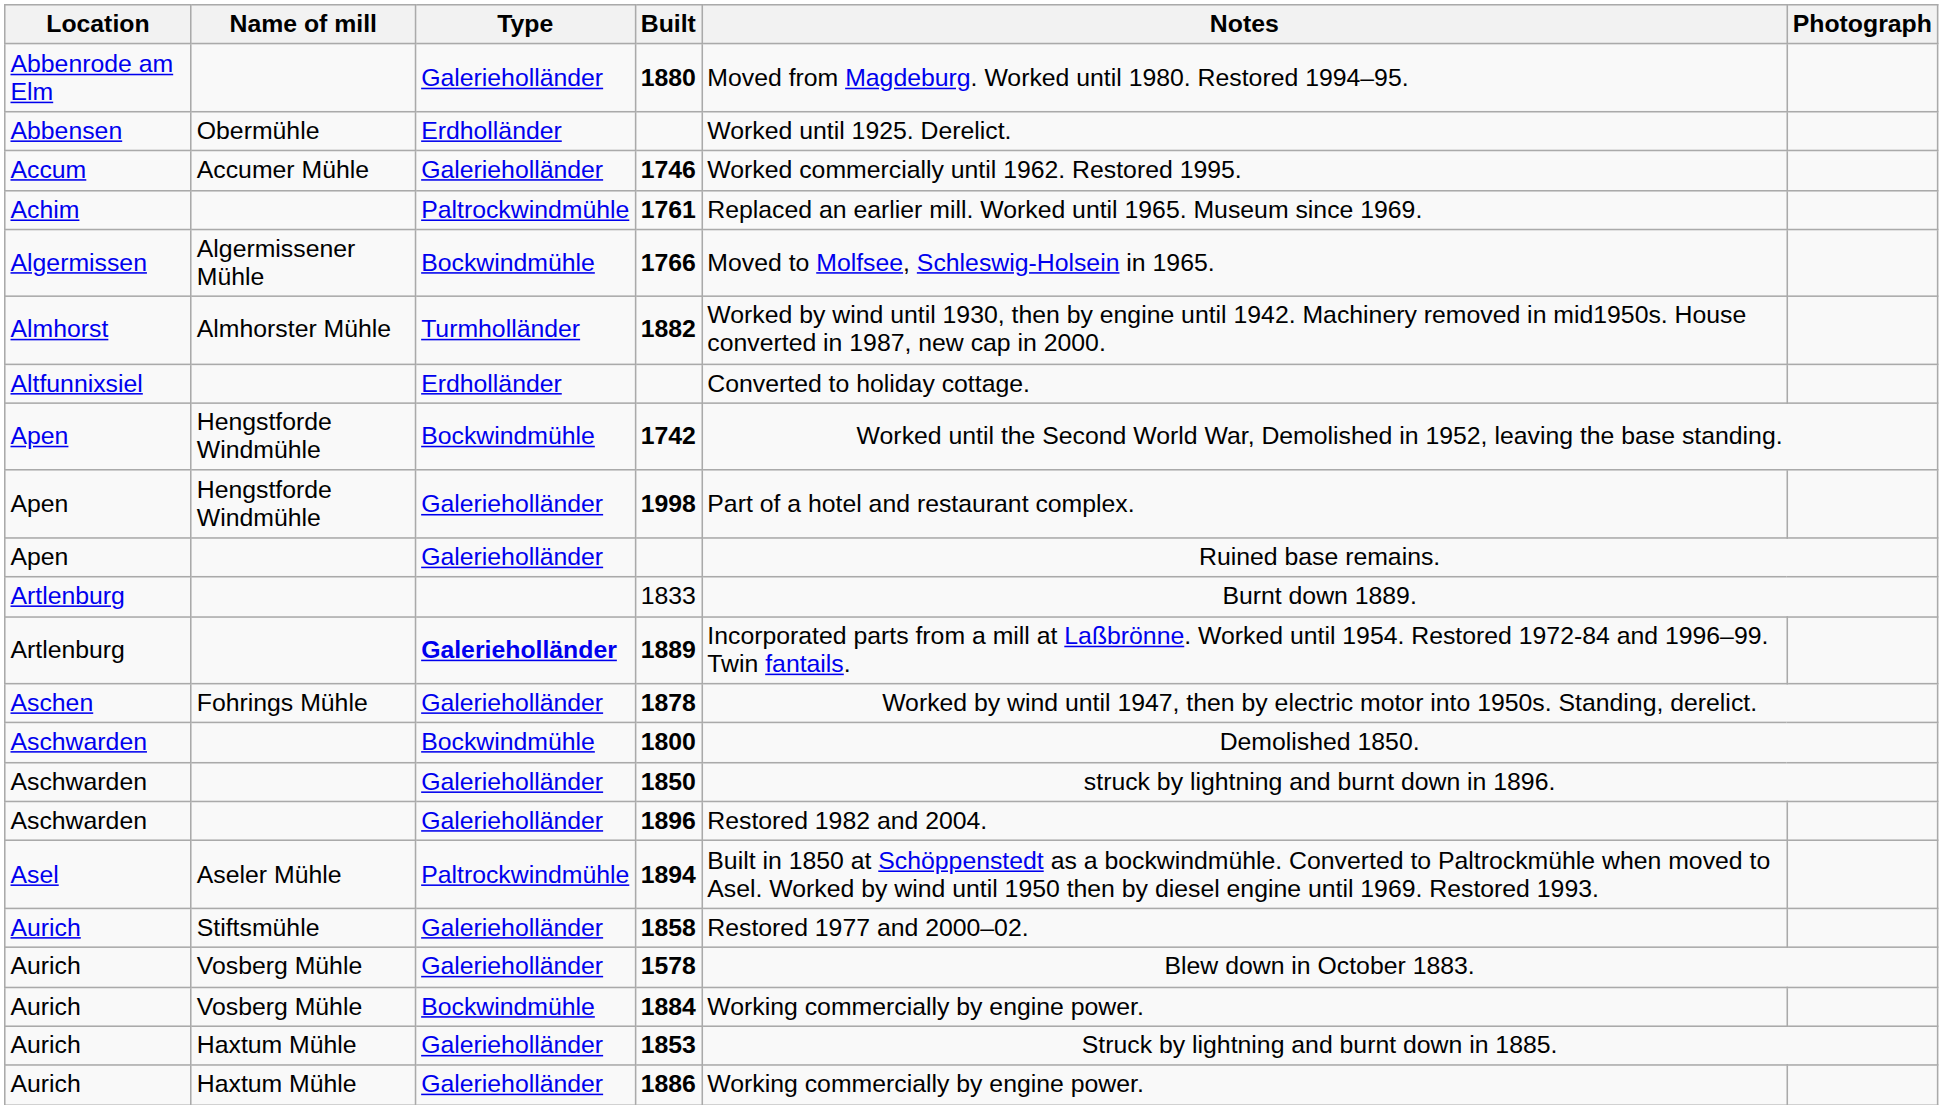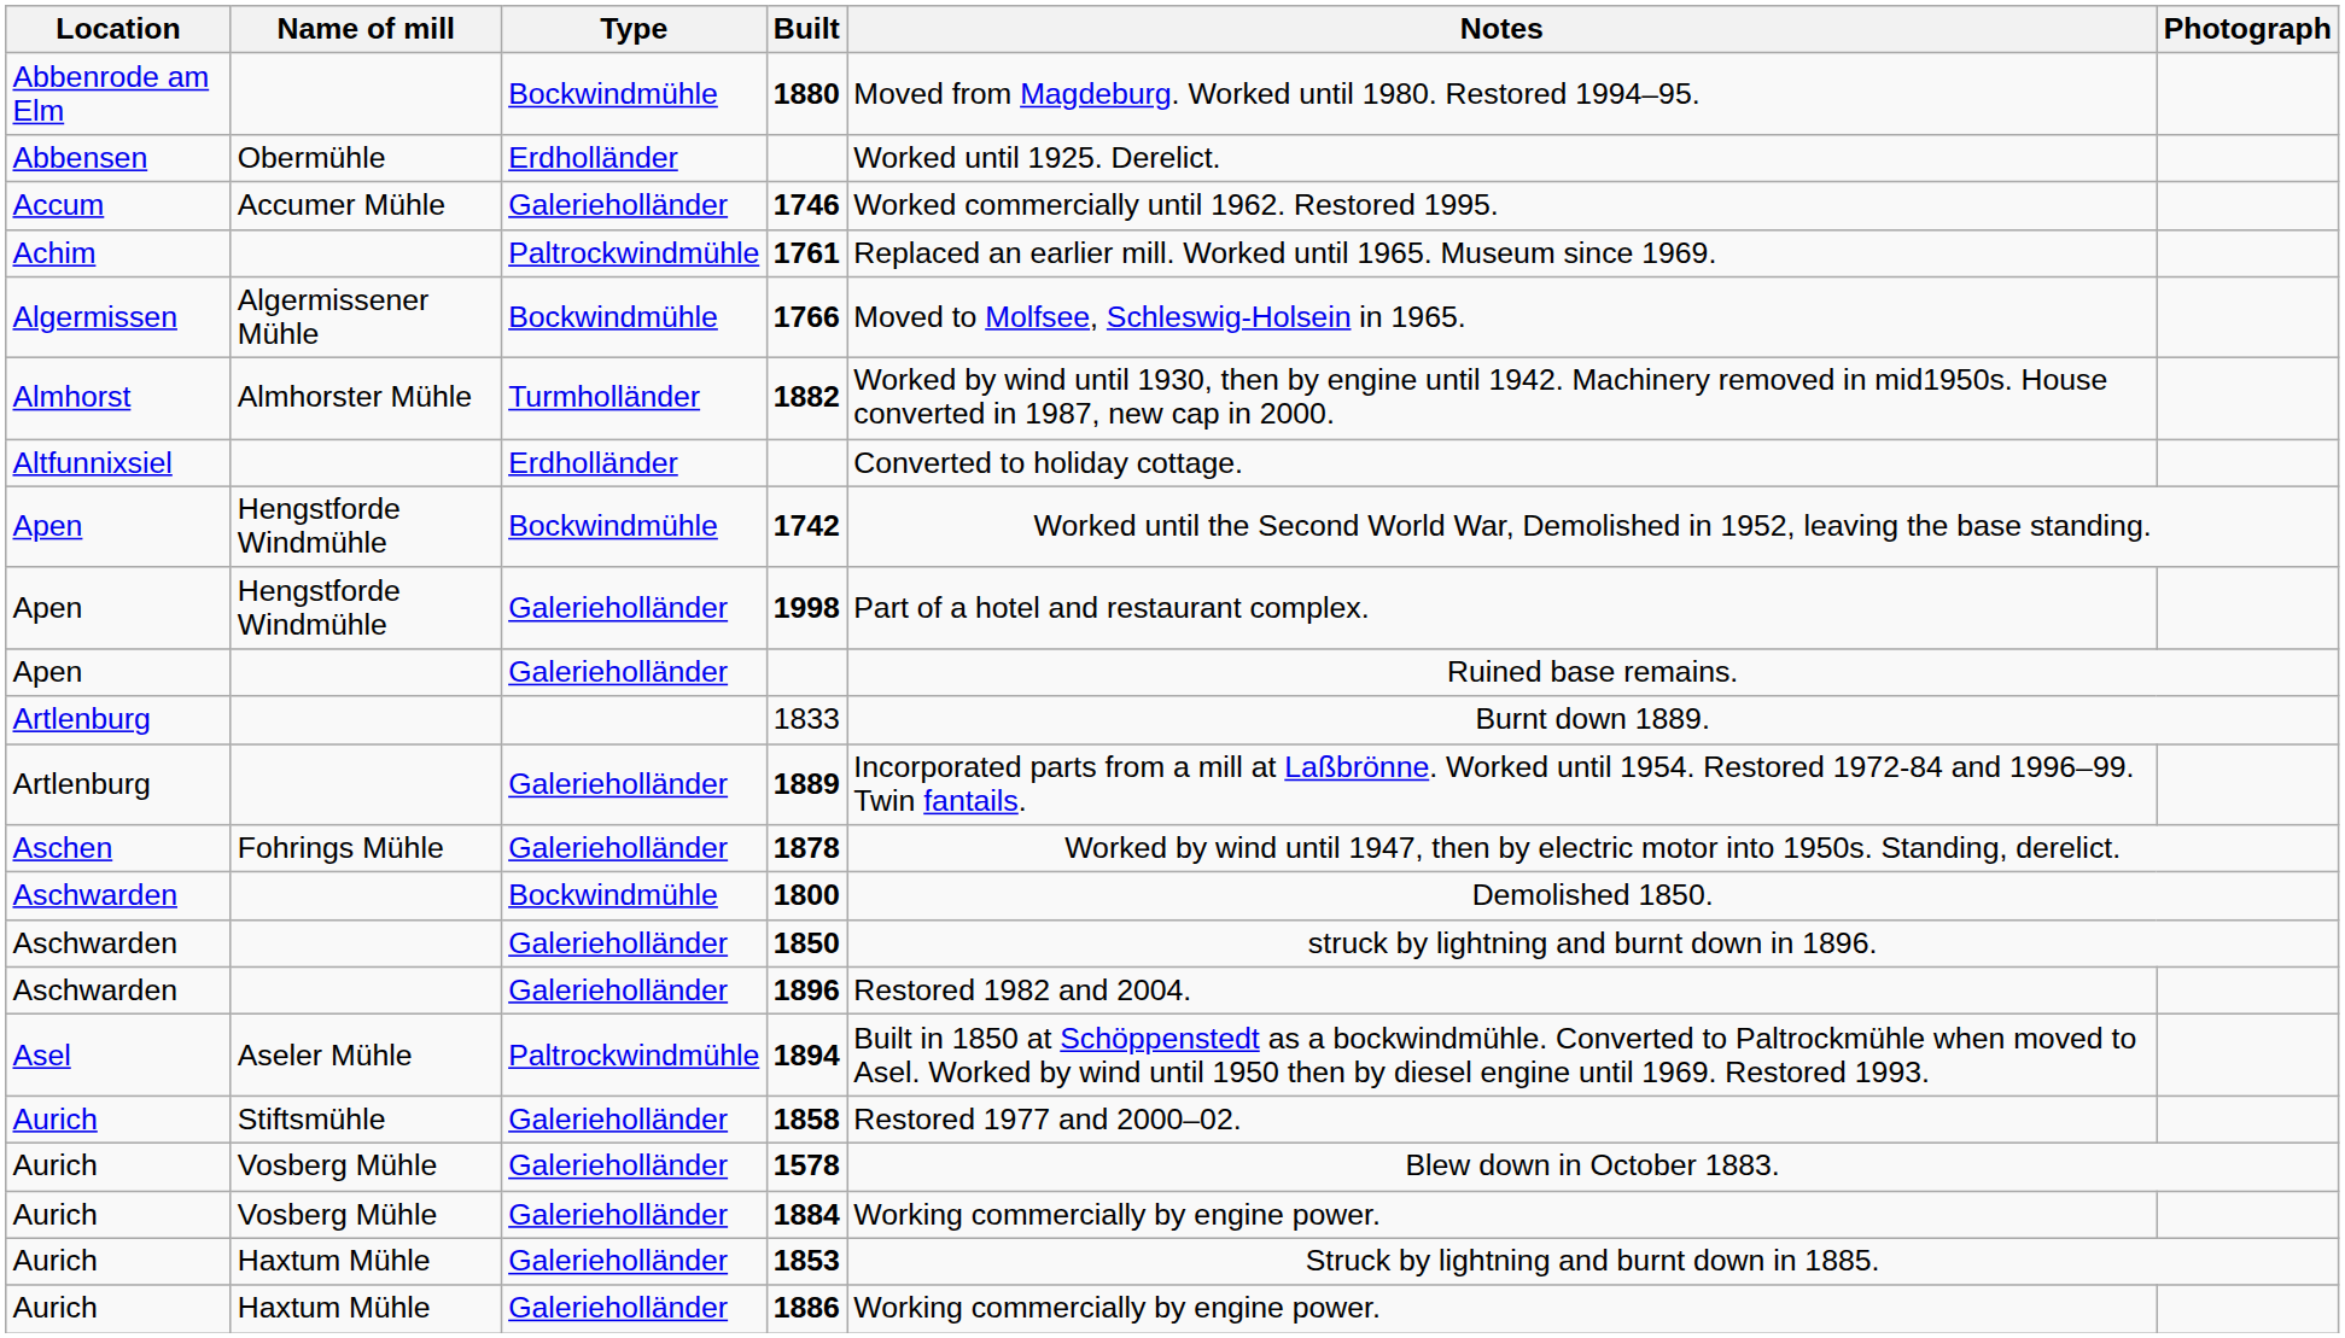 <table class="wikitable sortable">
 <tr>
 <th>Location</th>
 <th>Name of mill</th>
 <th>Type</th>
 <th>Built</th>
 <th class="unsortable">Notes</th>
 <th class="unsortable">Photograph</th>
 </tr>
 <tr>
 <td><a href='#'>Abbenrode am Elm</a></td>
 <td></td>
-<td><a href='#'>Galerieholländer</a></td>
+<td><a href='#'>Bockwindmühle</a></td>
 <td><strong>1880</strong></td>
 <td>Moved from <a href='#'>Magdeburg</a>. Worked until 1980. Restored 1994–95.</td>
 <td></td>
 </tr>
 <tr>
 <td><a href='#'>Abbensen</a></td>
 <td>Obermühle</td>
 <td><a href='#'>Erdholländer</a></td>
 <td></td>
 <td>Worked until 1925. Derelict.</td>
 <td></td>
 </tr>
 <tr>
 <td><a href='#'>Accum</a></td>
 <td>Accumer Mühle</td>
 <td><a href='#'>Galerieholländer</a></td>
 <td><strong>1746</strong></td>
 <td>Worked commercially until 1962. Restored 1995.</td>
 <td></td>
 </tr>
 <tr>
 <td><a href='#'>Achim</a></td>
 <td></td>
 <td><a href='#'>Paltrockwindmühle</a></td>
 <td><strong>1761</strong></td>
 <td>Replaced an earlier mill. Worked until 1965. Museum since 1969.</td>
 <td></td>
 </tr>
 <tr>
 <td><a href='#'>Algermissen</a></td>
 <td>Algermissener Mühle</td>
 <td><a href='#'>Bockwindmühle</a></td>
 <td><strong>1766</strong></td>
 <td>Moved to <a href='#'>Molfsee</a>, <a href='#'>Schleswig-Holsein</a> in 1965.</td>
 <td></td>
 </tr>
 <tr>
 <td><a href='#'>Almhorst</a></td>
 <td>Almhorster Mühle</td>
 <td><a href='#'>Turmholländer</a></td>
 <td><strong>1882</strong></td>
 <td>Worked by wind until 1930, then by engine until 1942. Machinery removed in mid1950s. House converted in 1987, new cap in 2000.</td>
 <td></td>
 </tr>
 <tr>
 <td><a href='#'>Altfunnixsiel</a></td>
 <td></td>
 <td><a href='#'>Erdholländer</a></td>
 <td></td>
 <td>Converted to holiday cottage.</td>
 <td></td>
 </tr>
 <tr>
 <td><a href='#'>Apen</a></td>
 <td>Hengstforde Windmühle</td>
 <td><a href='#'>Bockwindmühle</a></td>
 <td><strong>1742</strong></td>
 <td colspan="2" style="text-align:center;">Worked until the Second World War, Demolished in 1952, leaving the base standing.</td>
 </tr>
 <tr>
 <td>Apen</td>
 <td>Hengstforde Windmühle</td>
 <td><a href='#'>Galerieholländer</a></td>
 <td><strong>1998</strong></td>
 <td>Part of a hotel and restaurant complex.</td>
 <td></td>
 </tr>
 <tr>
 <td>Apen</td>
 <td></td>
 <td><a href='#'>Galerieholländer</a></td>
 <td></td>
 <td colspan="2" style="text-align:center;">Ruined base remains.</td>
 </tr>
 <tr>
 <td><a href='#'>Artlenburg</a></td>
 <td></td>
 <td></td>
 <td>1833</td>
 <td colspan="2" style="text-align:center;">Burnt down 1889.</td>
 </tr>
 <tr>
 <td>Artlenburg</td>
 <td></td>
-<td><strong><a href='#'>Galerieholländer</a></strong></td>
+<td><a href='#'>Galerieholländer</a></td>
 <td><strong>1889</strong></td>
 <td>Incorporated parts from a mill at <a href='#'>Laßbrönne</a>. Worked until 1954. Restored 1972-84 and 1996–99. Twin <a href='#'>fantails</a>.</td>
 <td></td>
 </tr>
 <tr>
 <td><a href='#'>Aschen</a></td>
 <td>Fohrings Mühle</td>
 <td><a href='#'>Galerieholländer</a></td>
 <td><strong>1878</strong></td>
 <td colspan="2" style="text-align:center;">Worked by wind until 1947, then by electric motor into 1950s. Standing, derelict.</td>
 </tr>
 <tr>
 <td><a href='#'>Aschwarden</a></td>
 <td></td>
 <td><a href='#'>Bockwindmühle</a></td>
 <td><strong>1800</strong></td>
 <td colspan="2" style="text-align:center;">Demolished 1850.</td>
 </tr>
 <tr>
 <td>Aschwarden</td>
 <td></td>
 <td><a href='#'>Galerieholländer</a></td>
 <td><strong>1850</strong></td>
 <td colspan="2" style="text-align:center;">struck by lightning and burnt down in 1896.</td>
 </tr>
 <tr>
 <td>Aschwarden</td>
 <td></td>
 <td><a href='#'>Galerieholländer</a></td>
 <td><strong>1896</strong></td>
 <td>Restored 1982 and 2004.</td>
 <td></td>
 </tr>
 <tr>
 <td><a href='#'>Asel</a></td>
 <td>Aseler Mühle</td>
 <td><a href='#'>Paltrockwindmühle</a></td>
 <td><strong>1894</strong></td>
 <td>Built in 1850 at <a href='#'>Schöppenstedt</a> as a bock­windmühle. Converted to Paltrockmühle when moved to Asel. Worked by wind until 1950 then by diesel engine until 1969. Restored 1993.</td>
 <td></td>
 </tr>
 <tr>
 <td><a href='#'>Aurich</a></td>
 <td>Stiftsmühle</td>
 <td><a href='#'>Galerieholländer</a></td>
 <td><strong>1858</strong></td>
 <td>Restored 1977 and 2000–02.</td>
 <td></td>
 </tr>
 <tr>
 <td>Aurich</td>
 <td>Vosberg Mühle</td>
 <td><a href='#'>Galerieholländer</a></td>
 <td><strong>1578</strong></td>
 <td colspan="2" style="text-align:center;">Blew down in October 1883.</td>
 </tr>
 <tr>
 <td>Aurich</td>
 <td>Vosberg Mühle</td>
-<td><a href='#'>Bockwindmühle</a></td>
+<td><a href='#'>Galerieholländer</a></td>
 <td><strong>1884</strong></td>
 <td>Working commercially by engine power.</td>
 <td></td>
 </tr>
 <tr>
 <td>Aurich</td>
 <td>Haxtum Mühle</td>
 <td><a href='#'>Galerieholländer</a></td>
 <td><strong>1853</strong></td>
 <td colspan="2" style="text-align:center;">Struck by lightning and burnt down in 1885.</td>
 </tr>
 <tr>
 <td>Aurich</td>
 <td>Haxtum Mühle</td>
 <td><a href='#'>Galerieholländer</a></td>
 <td><strong>1886</strong></td>
 <td>Working commercially by engine power.</td>
 <td></td>
 </tr>
 </table>
